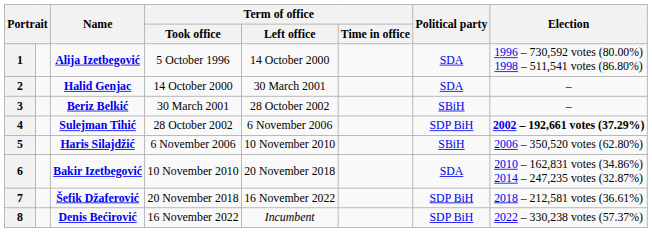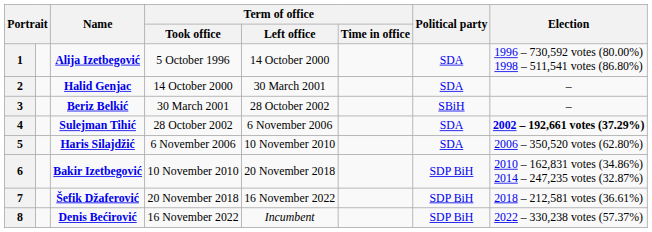 <table class="wikitable sortable" style="text-align: center;font-size:90%; border:1px #AAAAFF solid">
 <tr>
 <th rowspan=2 colspan=2>Portrait</th>
 <th rowspan=2>Name<br></th>
 <th colspan=3>Term of office</th>
 <th rowspan=2>Political party</th>
 <th rowspan=2>Election</th>
 </tr>
 <tr>
 <th>Took office</th>
 <th>Left office</th>
 <th>Time in office</th>
 </tr>
 <tr>
 <th style="background:">1</th>
 <td></td>
 <td><strong><a href='#'>Alija Izetbegović</a></strong><br></td>
 <td>5 October 1996</td>
 <td>14 October 2000</td>
 <td></td>
 <td><a href='#'>SDA</a></td>
 <td><a href='#'>1996</a> – 730,592 votes (80.00%)<br><a href='#'>1998</a> – 511,541 votes (86.80%)</td>
 </tr>
 <tr>
 <th style="background:">2</th>
 <td></td>
 <td><strong><a href='#'>Halid Genjac</a></strong><br></td>
 <td>14 October 2000</td>
 <td>30 March 2001</td>
 <td></td>
 <td><a href='#'>SDA</a></td>
 <td>–</td>
 </tr>
 <tr>
 <th style="background:">3</th>
 <td></td>
 <td><strong><a href='#'>Beriz Belkić</a></strong><br></td>
 <td>30 March 2001</td>
 <td>28 October 2002</td>
 <td></td>
 <td><a href='#'>SBiH</a></td>
 <td>–</td>
 </tr>
 <tr>
 <th style="background:">4</th>
 <td></td>
 <td><strong><a href='#'>Sulejman Tihić</a></strong><br></td>
 <td>28 October 2002</td>
 <td>6 November 2006</td>
 <td></td>
-<td><a href='#'>SDP BiH</a></td>
+<td><a href='#'>SDA</a></td>
 <td><strong><a href='#'>2002</a> – 192,661 votes (37.29%)</strong></td>
 </tr>
 <tr>
 <th style="background:">5</th>
 <td></td>
 <td><strong><a href='#'>Haris Silajdžić</a></strong><br></td>
 <td>6 November 2006</td>
 <td>10 November 2010</td>
 <td></td>
-<td><a href='#'>SBiH</a></td>
+<td><a href='#'>SDA</a></td>
 <td><a href='#'>2006</a> – 350,520 votes (62.80%)</td>
 </tr>
 <tr>
 <th style="background:">6</th>
 <td></td>
 <td><strong><a href='#'>Bakir Izetbegović</a></strong><br></td>
 <td>10 November 2010</td>
 <td>20 November 2018</td>
 <td></td>
-<td><a href='#'>SDA</a></td>
+<td><a href='#'>SDP BiH</a></td>
 <td><a href='#'>2010</a> – 162,831 votes (34.86%)<br><a href='#'>2014</a> – 247,235 votes (32.87%)</td>
 </tr>
 <tr>
 <th style="background:">7</th>
 <td></td>
 <td><strong><a href='#'>Šefik Džaferović</a></strong><br></td>
 <td>20 November 2018</td>
 <td>16 November 2022</td>
 <td></td>
 <td><a href='#'>SDP BiH</a></td>
 <td><a href='#'>2018</a> – 212,581 votes (36.61%)</td>
 </tr>
 <tr>
 <th style="background:">8</th>
 <td></td>
 <td><strong><a href='#'>Denis Bećirović</a></strong><br></td>
 <td>16 November 2022</td>
 <td><em>Incumbent</em></td>
 <td></td>
 <td><a href='#'>SDP BiH</a></td>
 <td><a href='#'>2022</a> – 330,238 votes (57.37%)</td>
 </tr>
 </table>
